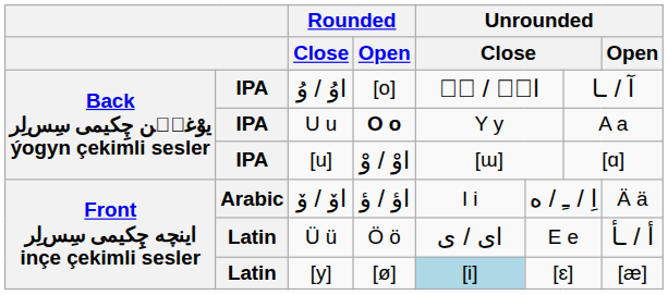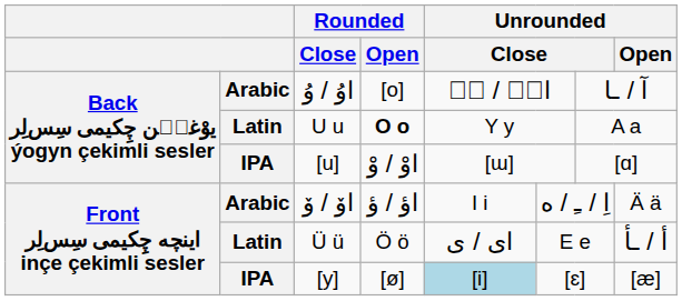 <table class="wikitable" style="text-align:center;">
 <tr>
 <th colspan=2></th>
 <th colspan=2><a href='#'>Rounded</a></th>
 <th colspan=4>Unrounded</th>
 </tr>
 <tr>
 <th colspan=2></th>
 <th><a href='#'>Close</a></th>
 <th><a href='#'>Open</a></th>
 <th colspan=3>Close</th>
 <th colspan=2>Open</th>
 </tr>
 <tr>
 <th rowspan=3><a href='#'>Back</a><br>یوْغیٛن چِکیمی سِس‌لِر<br>ýogyn çekimli sesler</th>
-<th>IPA</th>
+<th>Arabic</th>
 <td><big>اوُ / وُ</big></td>
 <td>[o]</td>
 <td colspan=2><big>ایٛ / یٛ</big></td>
 <td colspan=2><big>آ / ‍ـا</big></td>
 </tr>
 <tr>
-<th>IPA</th>
+<th>Latin</th>
 <td>U u</td>
 <td><strong>O o</strong></td>
 <td colspan=2>Y y</td>
 <td colspan=2>A a</td>
 </tr>
 <tr>
 <th>IPA</th>
 <td>[u]</td>
 <td><big>اوْ / وْ</big></td>
 <td colspan=2>[ɯ]</td>
 <td colspan=2>[ɑ]</td>
 </tr>
 <tr>
 <th rowspan=3><a href='#'>Front</a><br>اینچه چِکیمی سِس‌لِر<br>inçe çekimli sesler</th>
 <th>Arabic</th>
 <td><big>اۆ / ۆ</big></td>
 <td><big>اؤ / ؤ</big></td>
 <td colspan=1>I i</td>
 <td colspan=2><big>اِ / ـِ / ه</big></td>
 <td>Ä ä</td>
 </tr>
 <tr>
 <th>Latin</th>
 <td>Ü ü</td>
 <td>Ö ö</td>
 <td colspan=1><big>ای / ی</big></td>
 <td colspan=2>E e</td>
 <td><big>أ / ـأ</big></td>
 </tr>
 <tr>
-<th>Latin</th>
+<th>IPA</th>
 <td>[y]</td>
 <td>[ø]</td>
 <td colspan=1 style="background: lightblue;">[i]</td>
 <td colspan=2>[ɛ]</td>
 <td>[æ]</td>
 </tr>
 </table>
